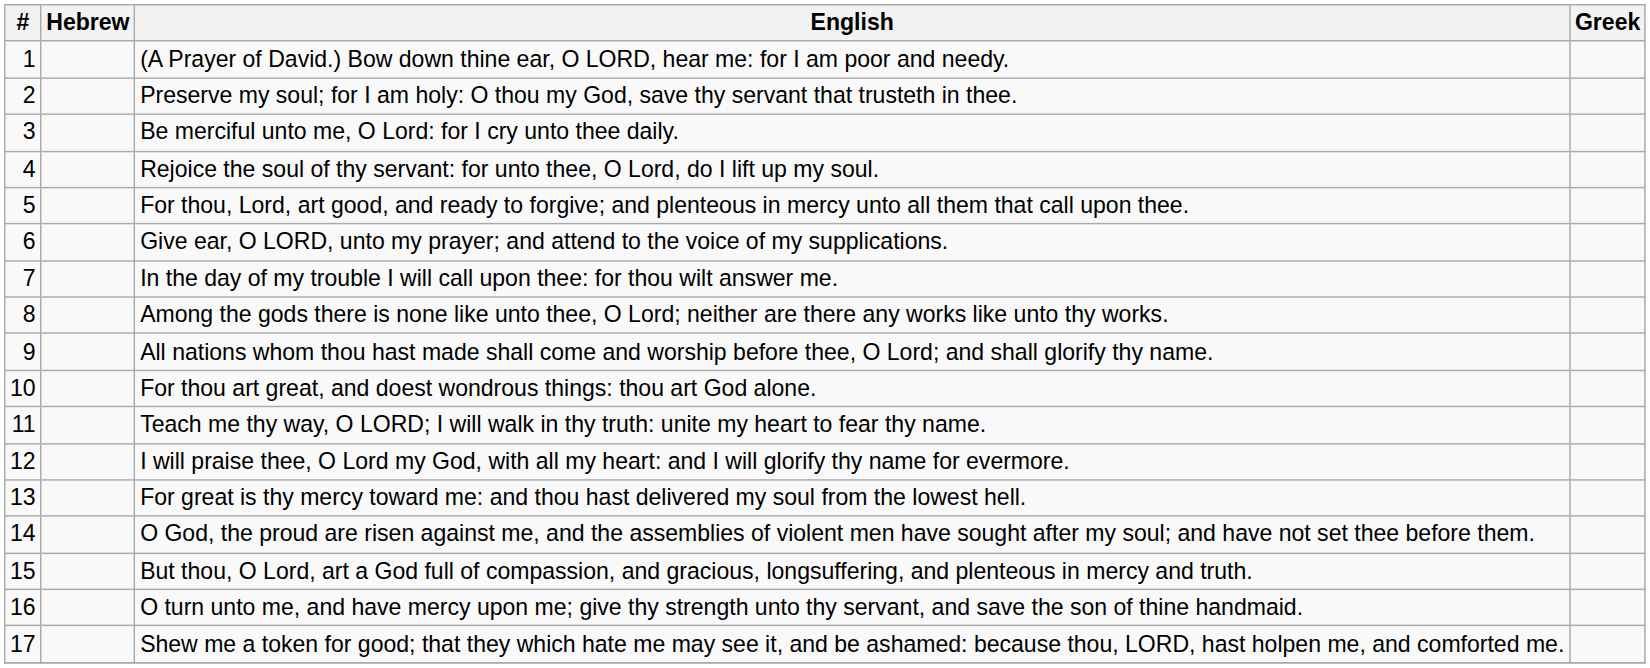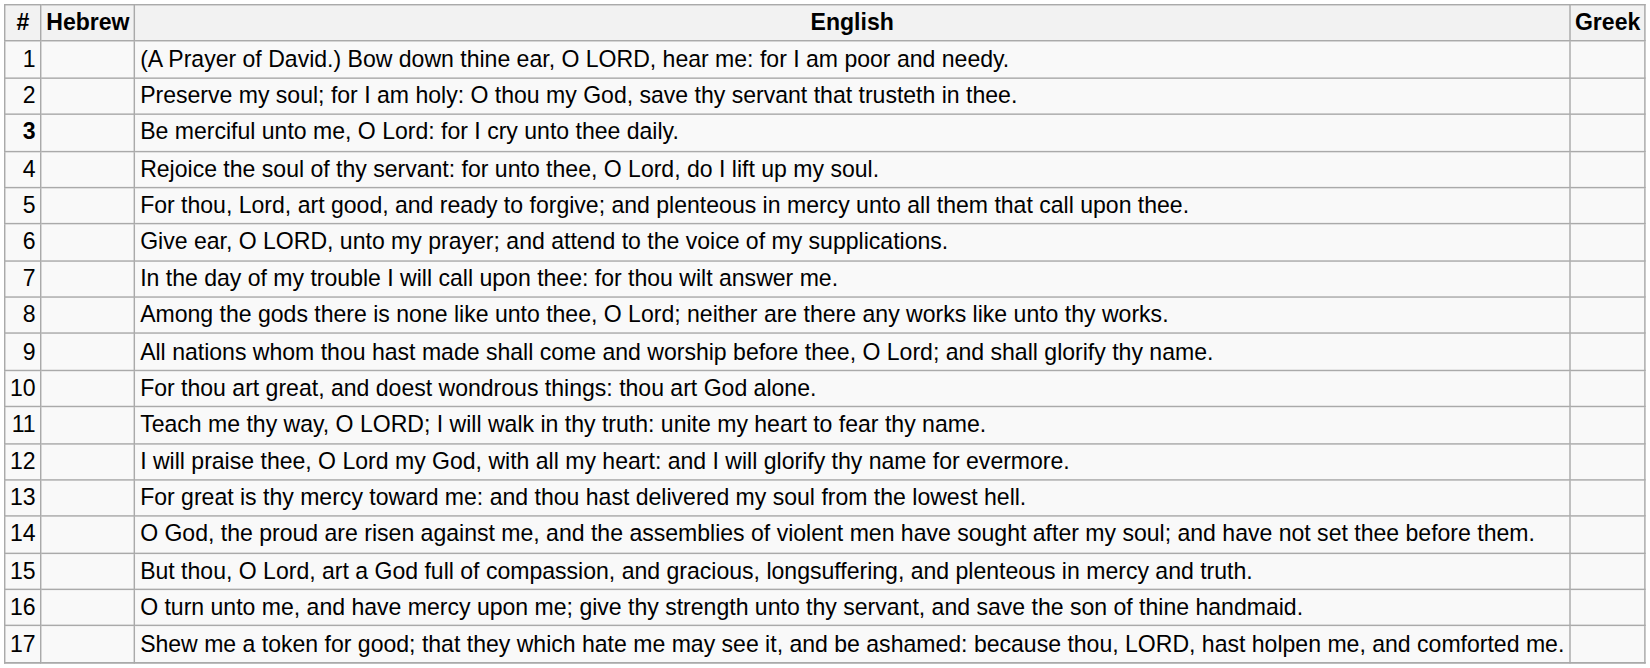 <table class=wikitable>
 <tr>
 <th>#</th>
 <th>Hebrew</th>
 <th>English</th>
 <th>Greek</th>
 </tr>
 <tr>
 <td style="text-align:right">1</td>
 <td style="text-align:right"></td>
 <td>(A Prayer of David.) Bow down thine ear, O LORD, hear me: for I am poor and needy.</td>
 <td></td>
 </tr>
 <tr>
 <td style="text-align:right">2</td>
 <td style="text-align:right"></td>
 <td>Preserve my soul; for I am holy: O thou my God, save thy servant that trusteth in thee.</td>
 <td></td>
 </tr>
 <tr>
-<td style="text-align:right">3</td>
+<td style="text-align:right"><strong>3</strong></td>
 <td style="text-align:right"></td>
 <td>Be merciful unto me, O Lord: for I cry unto thee daily.</td>
 <td></td>
 </tr>
 <tr>
 <td style="text-align:right">4</td>
 <td style="text-align:right"></td>
 <td>Rejoice the soul of thy servant: for unto thee, O Lord, do I lift up my soul.</td>
 <td></td>
 </tr>
 <tr>
 <td style="text-align:right">5</td>
 <td style="text-align:right"></td>
 <td>For thou, Lord, art good, and ready to forgive; and plenteous in mercy unto all them that call upon thee.</td>
 <td></td>
 </tr>
 <tr>
 <td style="text-align:right">6</td>
 <td style="text-align:right"></td>
 <td>Give ear, O LORD, unto my prayer; and attend to the voice of my supplications.</td>
 <td></td>
 </tr>
 <tr>
 <td style="text-align:right">7</td>
 <td style="text-align:right"></td>
 <td>In the day of my trouble I will call upon thee: for thou wilt answer me.</td>
 <td></td>
 </tr>
 <tr>
 <td style="text-align:right">8</td>
 <td style="text-align:right"></td>
 <td>Among the gods there is none like unto thee, O Lord; neither are there any works like unto thy works.</td>
 <td></td>
 </tr>
 <tr>
 <td style="text-align:right">9</td>
 <td style="text-align:right"></td>
 <td>All nations whom thou hast made shall come and worship before thee, O Lord; and shall glorify thy name.</td>
 <td></td>
 </tr>
 <tr>
 <td style="text-align:right">10</td>
 <td style="text-align:right"></td>
 <td>For thou art great, and doest wondrous things: thou art God alone.</td>
 <td></td>
 </tr>
 <tr>
 <td style="text-align:right">11</td>
 <td style="text-align:right"></td>
 <td>Teach me thy way, O LORD; I will walk in thy truth: unite my heart to fear thy name.</td>
 <td></td>
 </tr>
 <tr>
 <td style="text-align:right">12</td>
 <td style="text-align:right"></td>
 <td>I will praise thee, O Lord my God, with all my heart: and I will glorify thy name for evermore.</td>
 <td></td>
 </tr>
 <tr>
 <td style="text-align:right">13</td>
 <td style="text-align:right"></td>
 <td>For great is thy mercy toward me: and thou hast delivered my soul from the lowest hell.</td>
 <td></td>
 </tr>
 <tr>
 <td style="text-align:right">14</td>
 <td style="text-align:right"></td>
 <td>O God, the proud are risen against me, and the assemblies of violent men have sought after my soul; and have not set thee before them.</td>
 <td></td>
 </tr>
 <tr>
 <td style="text-align:right">15</td>
 <td style="text-align:right"></td>
 <td>But thou, O Lord, art a God full of compassion, and gracious, longsuffering, and plenteous in mercy and truth.</td>
 <td></td>
 </tr>
 <tr>
 <td style="text-align:right">16</td>
 <td style="text-align:right"></td>
 <td>O turn unto me, and have mercy upon me; give thy strength unto thy servant, and save the son of thine handmaid.</td>
 <td></td>
 </tr>
 <tr>
 <td style="text-align:right">17</td>
 <td style="text-align:right"></td>
 <td>Shew me a token for good; that they which hate me may see it, and be ashamed: because thou, LORD, hast holpen me, and comforted me.</td>
 <td></td>
 </tr>
 <tr>
 </tr>
 </table>
